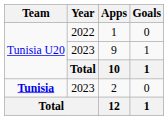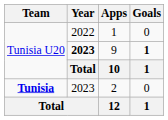 <table class=wikitable style=text-align:center>
 <tr>
 <th>Team</th>
 <th>Year</th>
 <th>Apps</th>
 <th>Goals</th>
 </tr>
 <tr>
 <td rowspan=3><a href='#'>Tunisia U20</a></td>
 <td>2022</td>
 <td>1</td>
 <td>0</td>
 </tr>
 <tr>
-<td>2023</td>
+<td><strong>2023</strong></td>
 <td>9</td>
-<td>1</td>
+<td><strong>1</strong></td>
 </tr>
 <tr>
 <th>Total</th>
 <th>10</th>
 <th>1</th>
 </tr>
 <tr>
 <td><strong><a href='#'>Tunisia</a></strong></td>
 <td>2023</td>
 <td>2</td>
 <td>0</td>
 </tr>
 <tr>
 <th colspan=2>Total</th>
 <th>12</th>
 <th>1</th>
 </tr>
 </table>
